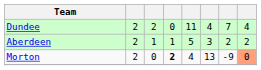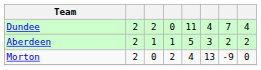 <table class="wikitable" style="text-align:center;">
 <tr>
 <th width=165>Team</th>
 <th width=20></th>
 <th width=20></th>
 <th width=20></th>
 <th width=20></th>
 <th width=20></th>
 <th width=20></th>
 <th width=20></th>
 </tr>
 <tr style="background:#cfc;">
 <td align="left"><a href='#'>Dundee</a></td>
 <td>2</td>
 <td>2</td>
 <td>0</td>
 <td>11</td>
 <td>4</td>
 <td>7</td>
 <td>4</td>
 </tr>
 <tr style="background:#cfc;">
 <td align="left"><a href='#'>Aberdeen</a></td>
 <td>2</td>
 <td>1</td>
 <td>1</td>
 <td>5</td>
 <td>3</td>
 <td>2</td>
 <td>2</td>
 </tr>
 <tr>
 <td align="left"><a href='#'>Morton</a></td>
 <td>2</td>
 <td>0</td>
-<td><strong>2</strong></td>
+<td>2</td>
 <td>4</td>
 <td>13</td>
 <td>-9</td>
-<td style="background: lightsalmon;">0</td>
+<td>0</td>
 </tr>
 <tr>
 </tr>
 </table>
